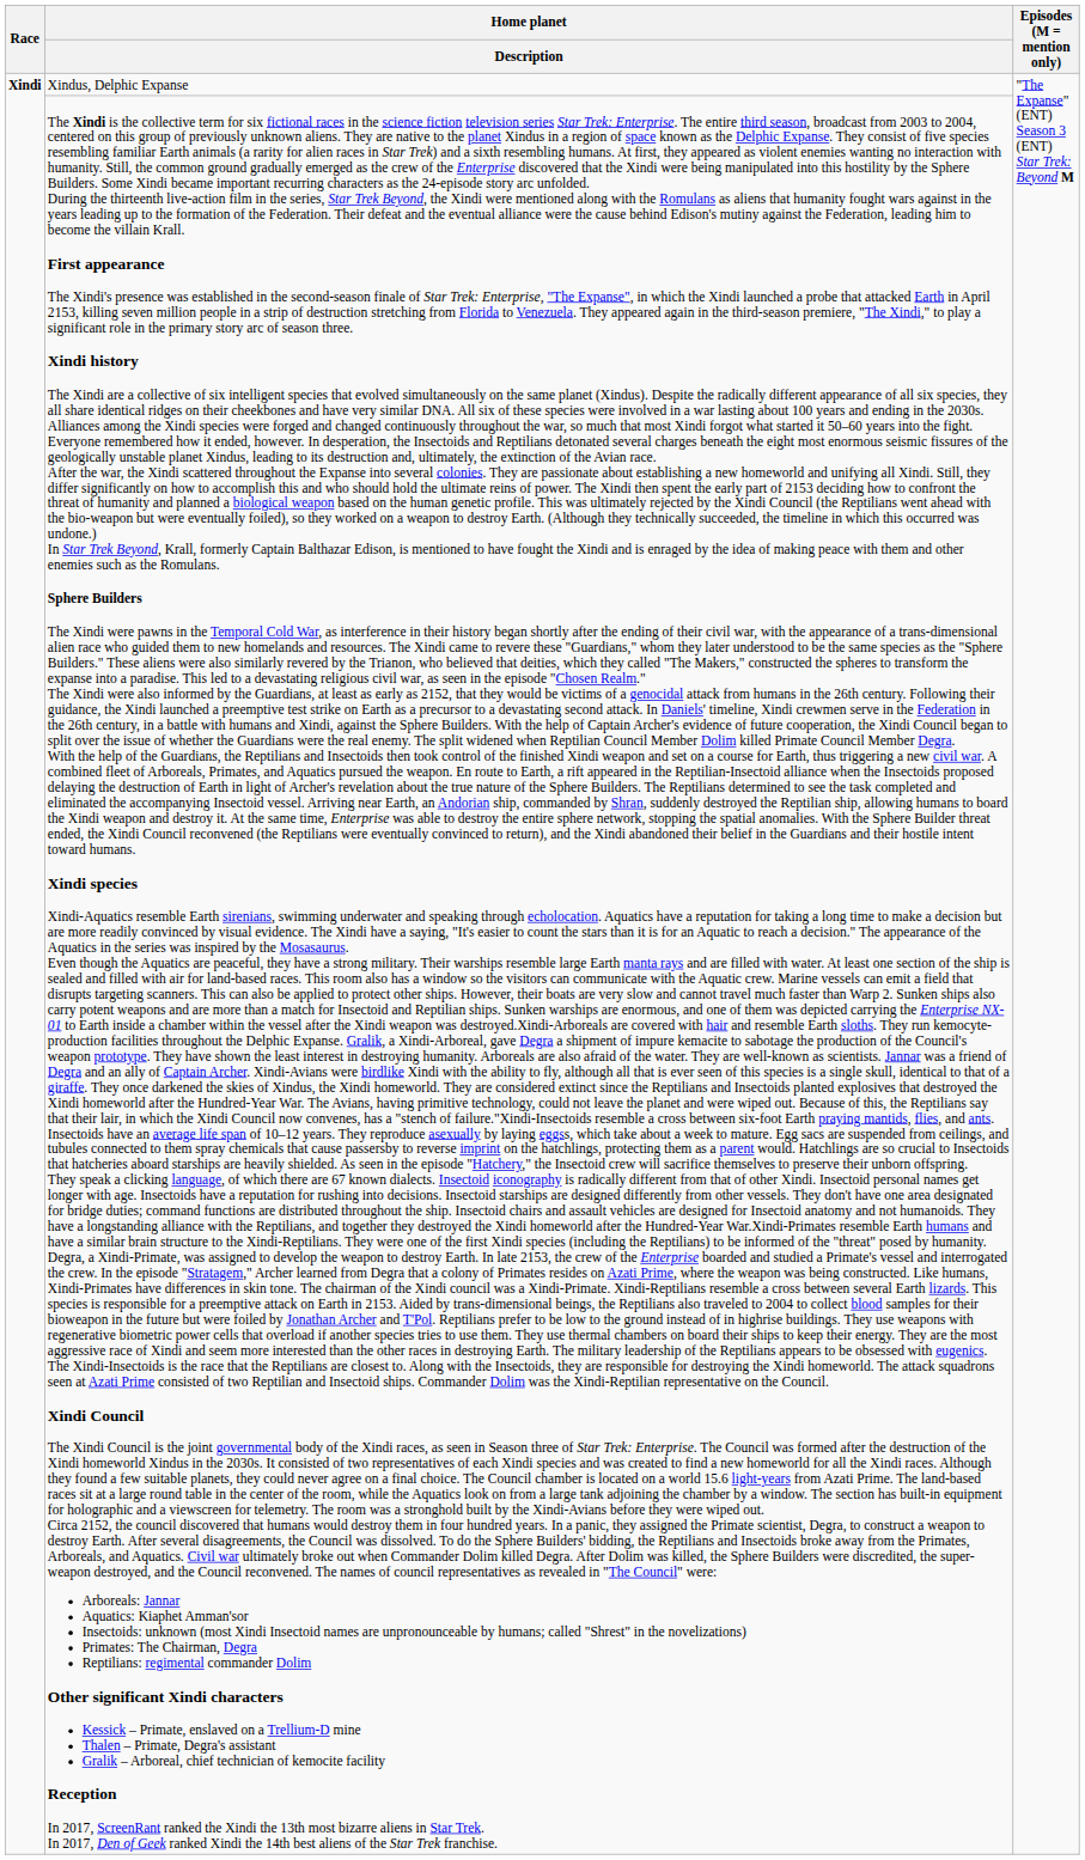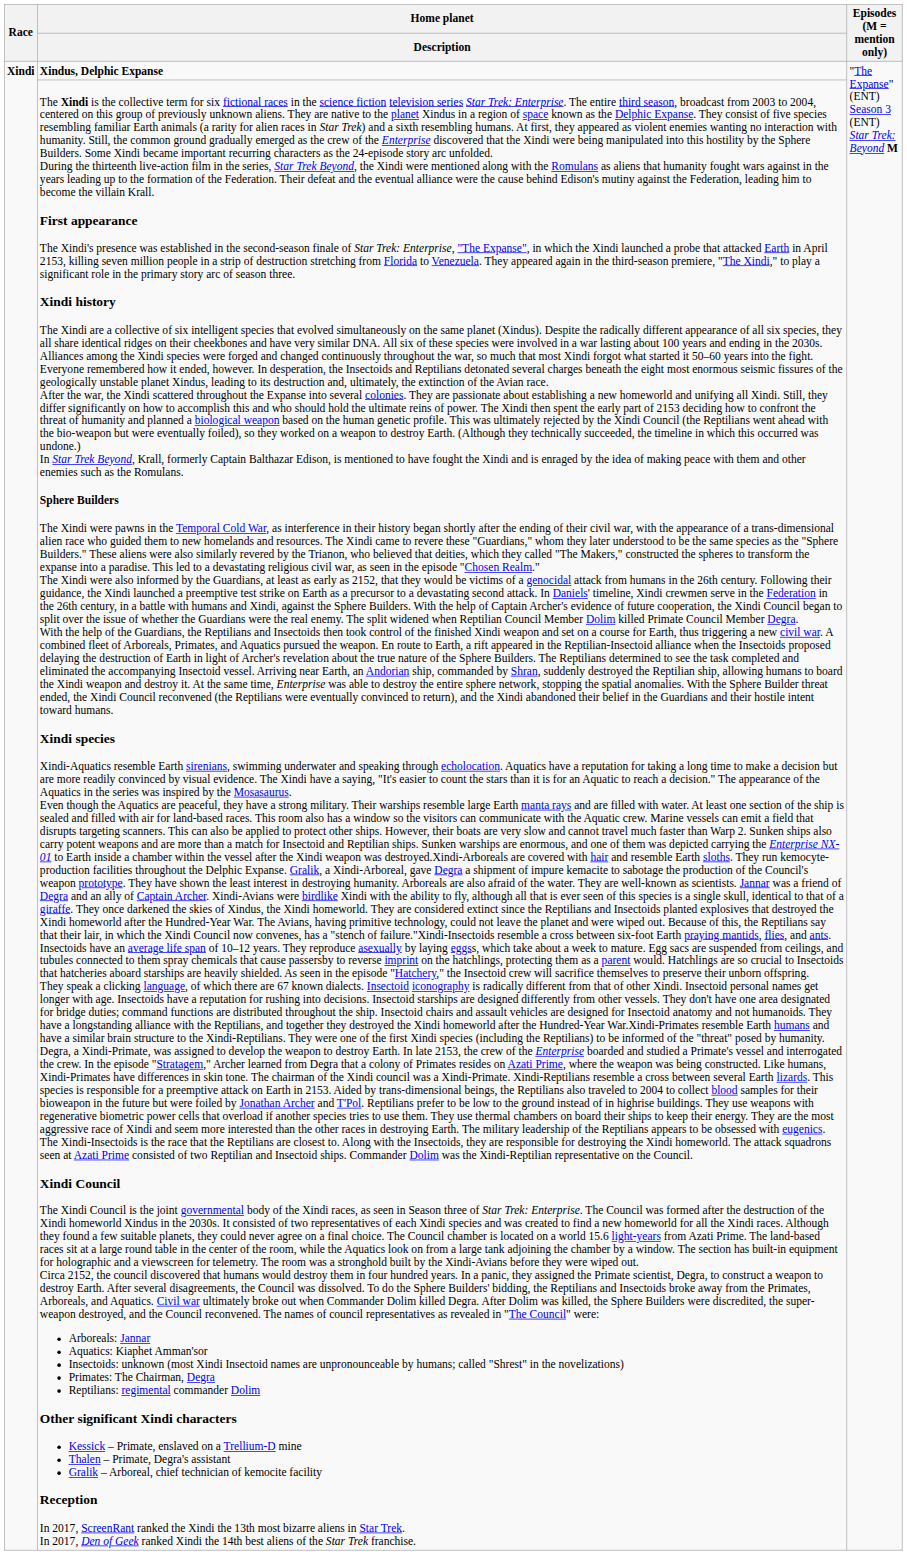 <table class="wikitable">
 <tr>
 <th rowspan="2">Race</th>
 <th>Home planet</th>
 <th rowspan="2">Episodes (M = mention only)</th>
 </tr>
 <tr>
 <th>Description</th>
 </tr>
 <tr>
 <td rowspan="2" style="vertical-align: top;"><strong>Xindi</strong> </td>
-<td>Xindus, Delphic Expanse</td>
+<td><strong>Xindus, Delphic Expanse</strong></td>
 <td rowspan="2" style="vertical-align: top;">"<a href='#'>The Expanse</a>" (ENT)<br><a href='#'>Season 3</a> (ENT)<br><em><a href='#'>Star Trek: Beyond</a></em> <strong>M</strong></td>
 </tr>
 <tr>
 <td><br>The <strong>Xindi</strong>  is the collective term for six <a href='#'>fictional races</a> in the <a href='#'>science fiction</a> <a href='#'>television series</a> <em><a href='#'>Star Trek: Enterprise</a></em>. The entire <a href='#'>third season</a>, broadcast from 2003 to 2004, centered on this group of previously unknown aliens. They are native to the <a href='#'>planet</a> Xindus in a region of <a href='#'>space</a> known as the <a href='#'>Delphic Expanse</a>. They consist of five species resembling familiar Earth animals (a rarity for alien races in <em>Star Trek</em>) and a sixth resembling humans. At first, they appeared as violent enemies wanting no interaction with humanity. Still, the common ground gradually emerged as the crew of the <em><a href='#'>Enterprise</a></em> discovered that the Xindi were being manipulated into this hostility by the Sphere Builders. Some Xindi became important recurring characters as the 24-episode story arc unfolded.<br>During the thirteenth live-action film in the series, <em><a href='#'>Star Trek Beyond</a></em>, the Xindi were mentioned along with the <a href='#'>Romulans</a> as aliens that humanity fought wars against in the years leading up to the formation of the Federation. Their defeat and the eventual alliance were the cause behind Edison's mutiny against the Federation, leading him to become the villain Krall.<h3>First appearance</h3>The Xindi's presence was established in the second-season finale of <em>Star Trek: Enterprise</em>, <a href='#'>"The Expanse"</a>, in which the Xindi launched a probe that attacked <a href='#'>Earth</a> in April 2153, killing seven million people in a strip of destruction stretching from <a href='#'>Florida</a> to <a href='#'>Venezuela</a>. They appeared again in the third-season premiere, "<a href='#'>The Xindi</a>," to play a significant role in the primary story arc of season three.<h3>Xindi history</h3> The Xindi are a collective of six intelligent species that evolved simultaneously on the same planet (Xindus). Despite the radically different appearance of all six species, they all share identical ridges on their cheekbones and have very similar DNA. All six of these species were involved in a war lasting about 100 years and ending in the 2030s. Alliances among the Xindi species were forged and changed continuously throughout the war, so much that most Xindi forgot what started it 50–60 years into the fight. Everyone remembered how it ended, however. In desperation, the Insectoids and Reptilians detonated several charges beneath the eight most enormous seismic fissures of the geologically unstable planet Xindus, leading to its destruction and, ultimately, the extinction of the Avian race.<br>After the war, the Xindi scattered throughout the Expanse into several <a href='#'>colonies</a>. They are passionate about establishing a new homeworld and unifying all Xindi. Still, they differ significantly on how to accomplish this and who should hold the ultimate reins of power. The Xindi then spent the early part of 2153 deciding how to confront the threat of humanity and planned a <a href='#'>biological weapon</a> based on the human genetic profile. This was ultimately rejected by the Xindi Council (the Reptilians went ahead with the bio-weapon but were eventually foiled), so they worked on a weapon to destroy Earth. (Although they technically succeeded, the timeline in which this occurred was undone.)<br>In <em><a href='#'>Star Trek Beyond</a></em>, Krall, formerly Captain Balthazar Edison, is mentioned to have fought the Xindi and is enraged by the idea of making peace with them and other enemies such as the Romulans.<h4>Sphere Builders</h4>The Xindi were pawns in the <a href='#'>Temporal Cold War</a>, as interference in their history began shortly after the ending of their civil war, with the appearance of a trans-dimensional alien race who guided them to new homelands and resources. The Xindi came to revere these "Guardians," whom they later understood to be the same species as the "Sphere Builders." These aliens were also similarly revered by the Trianon, who believed that deities, which they called "The Makers," constructed the spheres to transform the expanse into a paradise. This led to a devastating religious civil war, as seen in the episode "<a href='#'>Chosen Realm</a>."<br>The Xindi were also informed by the Guardians, at least as early as 2152, that they would be victims of a <a href='#'>genocidal</a> attack from humans in the 26th century. Following their guidance, the Xindi launched a preemptive test strike on Earth as a precursor to a devastating second attack. In <a href='#'>Daniels</a>' timeline, Xindi crewmen serve in the <a href='#'>Federation</a> in the 26th century, in a battle with humans and Xindi, against the Sphere Builders. With the help of Captain Archer's evidence of future cooperation, the Xindi Council began to split over the issue of whether the Guardians were the real enemy. The split widened when Reptilian Council Member <a href='#'>Dolim</a> killed Primate Council Member <a href='#'>Degra</a>.<br>With the help of the Guardians, the Reptilians and Insectoids then took control of the finished Xindi weapon and set on a course for Earth, thus triggering a new <a href='#'>civil war</a>. A combined fleet of Arboreals, Primates, and Aquatics pursued the weapon. En route to Earth, a rift appeared in the Reptilian-Insectoid alliance when the Insectoids proposed delaying the destruction of Earth in light of Archer's revelation about the true nature of the Sphere Builders. The Reptilians determined to see the task completed and eliminated the accompanying Insectoid vessel. Arriving near Earth, an <a href='#'>Andorian</a> ship, commanded by <a href='#'>Shran</a>, suddenly destroyed the Reptilian ship, allowing humans to board the Xindi weapon and destroy it. At the same time, <em>Enterprise</em> was able to destroy the entire sphere network, stopping the spatial anomalies. With the Sphere Builder threat ended, the Xindi Council reconvened (the Reptilians were eventually convinced to return), and the Xindi abandoned their belief in the Guardians and their hostile intent toward humans.<h3>Xindi species</h3>Xindi-Aquatics resemble Earth <a href='#'>sirenians</a>, swimming underwater and speaking through <a href='#'>echolocation</a>. Aquatics have a reputation for taking a long time to make a decision but are more readily convinced by visual evidence. The Xindi have a saying, "It's easier to count the stars than it is for an Aquatic to reach a decision." The appearance of the Aquatics in the series was inspired by the <a href='#'>Mosasaurus</a>.<br>Even though the Aquatics are peaceful, they have a strong military. Their warships resemble large Earth <a href='#'>manta rays</a> and are filled with water. At least one section of the ship is sealed and filled with air for land-based races. This room also has a window so the visitors can communicate with the Aquatic crew. Marine vessels can emit a field that disrupts targeting scanners. This can also be applied to protect other ships. However, their boats are very slow and cannot travel much faster than Warp 2. Sunken ships also carry potent weapons and are more than a match for Insectoid and Reptilian ships. Sunken warships are enormous, and one of them was depicted carrying the <em><a href='#'>Enterprise NX-01</a></em> to Earth inside a chamber within the vessel after the Xindi weapon was destroyed.Xindi-Arboreals are covered with <a href='#'>hair</a> and resemble Earth <a href='#'>sloths</a>. They run kemocyte-production facilities throughout the Delphic Expanse. <a href='#'>Gralik</a>, a Xindi-Arboreal, gave <a href='#'>Degra</a> a shipment of impure kemacite to sabotage the production of the Council's weapon <a href='#'>prototype</a>. They have shown the least interest in destroying humanity. Arboreals are also afraid of the water. They are well-known as scientists. <a href='#'>Jannar</a> was a friend of <a href='#'>Degra</a> and an ally of <a href='#'>Captain Archer</a>. Xindi-Avians were <a href='#'>birdlike</a> Xindi with the ability to fly, although all that is ever seen of this species is a single skull, identical to that of a <a href='#'>giraffe</a>. They once darkened the skies of Xindus, the Xindi homeworld. They are considered extinct since the Reptilians and Insectoids planted explosives that destroyed the Xindi homeworld after the Hundred-Year War. The Avians, having primitive technology, could not leave the planet and were wiped out. Because of this, the Reptilians say that their lair, in which the Xindi Council now convenes, has a "stench of failure."Xindi-Insectoids resemble a cross between six-foot Earth <a href='#'>praying mantids</a>, <a href='#'>flies</a>, and <a href='#'>ants</a>. Insectoids have an <a href='#'>average life span</a> of 10–12 years. They reproduce <a href='#'>asexually</a> by laying <a href='#'>eggs</a>s, which take about a week to mature. Egg sacs are suspended from ceilings, and tubules connected to them spray chemicals that cause passersby to reverse <a href='#'>imprint</a> on the hatchlings, protecting them as a <a href='#'>parent</a> would. Hatchlings are so crucial to Insectoids that hatcheries aboard starships are heavily shielded. As seen in the episode "<a href='#'>Hatchery</a>," the Insectoid crew will sacrifice themselves to preserve their unborn offspring.<br>They speak a clicking <a href='#'>language</a>, of which there are 67 known dialects. <a href='#'>Insectoid</a> <a href='#'>iconography</a> is radically different from that of other Xindi. Insectoid personal names get longer with age. Insectoids have a reputation for rushing into decisions. Insectoid starships are designed differently from other vessels. They don't have one area designated for bridge duties; command functions are distributed throughout the ship. Insectoid chairs and assault vehicles are designed for Insectoid anatomy and not humanoids. They have a longstanding alliance with the Reptilians, and together they destroyed the Xindi homeworld after the Hundred-Year War.Xindi-Primates resemble Earth <a href='#'>humans</a> and have a similar brain structure to the Xindi-Reptilians. They were one of the first Xindi species (including the Reptilians) to be informed of the "threat" posed by humanity. Degra, a Xindi-Primate, was assigned to develop the weapon to destroy Earth. In late 2153, the crew of the <em><a href='#'>Enterprise</a></em> boarded and studied a Primate's vessel and interrogated the crew. In the episode "<a href='#'>Stratagem</a>," Archer learned from Degra that a colony of Primates resides on <a href='#'>Azati Prime</a>, where the weapon was being constructed. Like humans, Xindi-Primates have differences in skin tone. The chairman of the Xindi council was a Xindi-Primate. Xindi-Reptilians resemble a cross between several Earth <a href='#'>lizards</a>. This species is responsible for a preemptive attack on Earth in 2153. Aided by trans-dimensional beings, the Reptilians also traveled to 2004 to collect <a href='#'>blood</a> samples for their bioweapon in the future but were foiled by <a href='#'>Jonathan Archer</a> and <a href='#'>T'Pol</a>. Reptilians prefer to be low to the ground instead of in highrise buildings. They use weapons with regenerative biometric power cells that overload if another species tries to use them. They use thermal chambers on board their ships to keep their energy. They are the most aggressive race of Xindi and seem more interested than the other races in destroying Earth. The military leadership of the Reptilians appears to be obsessed with <a href='#'>eugenics</a>. The Xindi-Insectoids is the race that the Reptilians are closest to. Along with the Insectoids, they are responsible for destroying the Xindi homeworld. The attack squadrons seen at <a href='#'>Azati Prime</a> consisted of two Reptilian and Insectoid ships. Commander <a href='#'>Dolim</a> was the Xindi-Reptilian representative on the Council.<h3>Xindi Council</h3>The Xindi Council is the joint <a href='#'>governmental</a> body of the Xindi races, as seen in Season three of <em>Star Trek: Enterprise</em>. The Council was formed after the destruction of the Xindi homeworld Xindus in the 2030s. It consisted of two representatives of each Xindi species and was created to find a new homeworld for all the Xindi races. Although they found a few suitable planets, they could never agree on a final choice. The Council chamber is located on a world 15.6 <a href='#'>light-years</a> from Azati Prime. The land-based races sit at a large round table in the center of the room, while the Aquatics look on from a large tank adjoining the chamber by a window. The section has built-in equipment for holographic and a viewscreen for telemetry. The room was a stronghold built by the Xindi-Avians before they were wiped out.<br>Circa 2152, the council discovered that humans would destroy them in four hundred years. In a panic, they assigned the Primate scientist, Degra, to construct a weapon to destroy Earth. After several disagreements, the Council was dissolved. To do the Sphere Builders' bidding, the Reptilians and Insectoids broke away from the Primates, Arboreals, and Aquatics. <a href='#'>Civil war</a> ultimately broke out when Commander Dolim killed Degra. After Dolim was killed, the Sphere Builders were discredited, the super-weapon destroyed, and the Council reconvened. The names of council representatives as revealed in "<a href='#'>The Council</a>" were:<ul><li>Arboreals: <a href='#'>Jannar</a></li><li>Aquatics: Kiaphet Amman'sor</li><li>Insectoids: unknown (most Xindi Insectoid names are unpronounceable by humans; called "Shrest" in the novelizations)</li><li>Primates: The Chairman, <a href='#'>Degra</a></li><li>Reptilians: <a href='#'>regimental</a> commander <a href='#'>Dolim</a></li></ul><h3>Other significant Xindi characters</h3><ul><li><a href='#'>Kessick</a> – Primate, enslaved on a <a href='#'>Trellium-D</a> mine</li><li><a href='#'>Thalen</a> – Primate, Degra's assistant</li><li><a href='#'>Gralik</a> – Arboreal, chief technician of kemocite facility</li></ul><h3>Reception</h3>In 2017, <a href='#'>ScreenRant</a> ranked the Xindi the 13th most bizarre aliens in <a href='#'>Star Trek</a>.<br>In 2017, <em><a href='#'>Den of Geek</a></em> ranked Xindi the 14th best aliens of the <em>Star Trek</em> franchise.</td>
 </tr>
 </table>
